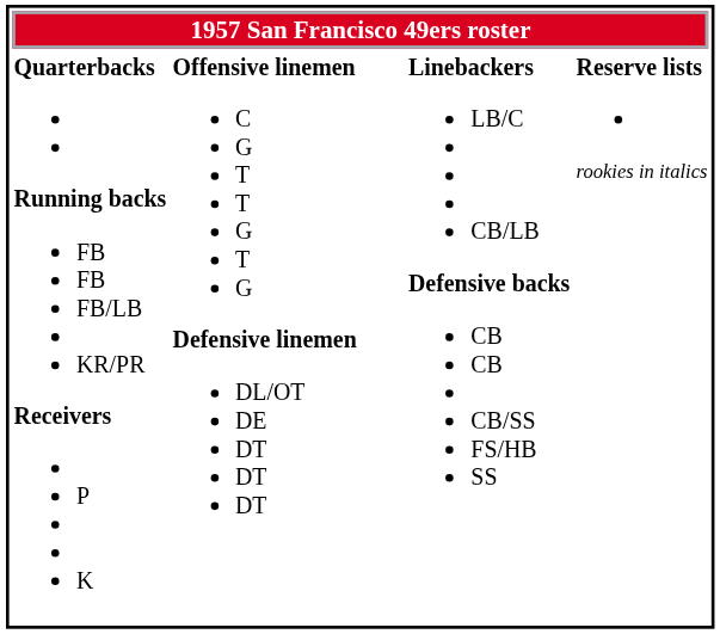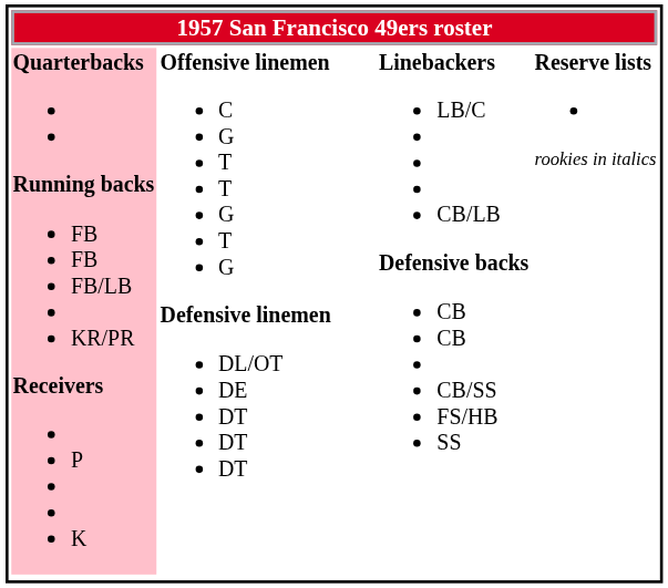 <table class="toccolours" style="text-align: left; border:2px solid black;">
 <tr>
 <th colspan="7" style="text-align:center; border: 2px solid #A2A9B1; background-color: #DA0020; color: white;">1957 San Francisco 49ers roster</th>
 </tr>
 <tr>
-<td style="font-size: 95%;" valign="top"><strong>Quarterbacks</strong><br><ul><li></li><li></li></ul><strong>Running backs</strong><ul><li>FB</li><li>FB</li><li>FB/LB</li><li></li><li>KR/PR</li></ul><strong>Receivers</strong><ul><li></li><li>P</li><li></li><li></li><li>K</li></ul></td>
+<td style="background: pink; font-size: 95%;" valign="top"><strong>Quarterbacks</strong><br><ul><li></li><li></li></ul><strong>Running backs</strong><ul><li>FB</li><li>FB</li><li>FB/LB</li><li></li><li>KR/PR</li></ul><strong>Receivers</strong><ul><li></li><li>P</li><li></li><li></li><li>K</li></ul></td>
 <td style="font-size: 95%;" valign="top"><strong>Offensive linemen</strong><br><ul><li>C</li><li>G</li><li>T</li><li>T</li><li>G</li><li>T</li><li>G</li></ul><strong>Defensive linemen</strong><ul><li>DL/OT</li><li>DE</li><li>DT</li><li>DT</li><li>DT</li></ul></td>
 <td style="width: 25px;"></td>
 <td style="font-size: 95%;" valign="top"><strong>Linebackers</strong><br><ul><li>LB/C</li><li></li><li></li><li></li><li>CB/LB</li></ul><strong>Defensive backs</strong><ul><li>CB</li><li>CB</li><li></li><li>CB/SS</li><li>FS/HB</li><li>SS</li></ul></td>
 <td style="font-size: 95%;" valign="top"><strong>Reserve lists</strong><br><ul><li></li></ul><small><em>rookies in italics</em></small></td>
 </tr>
 <tr>
 </tr>
 </table>
